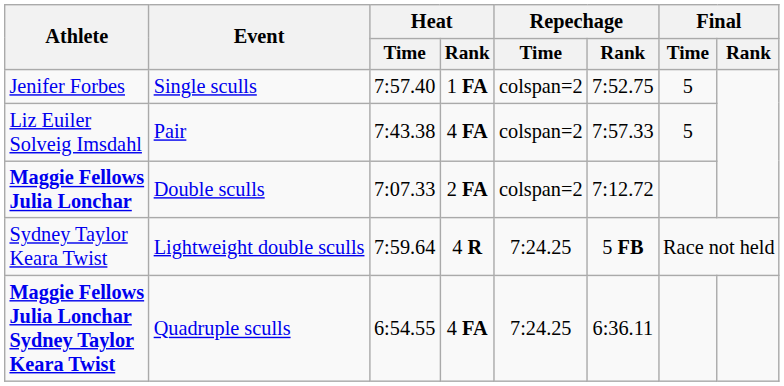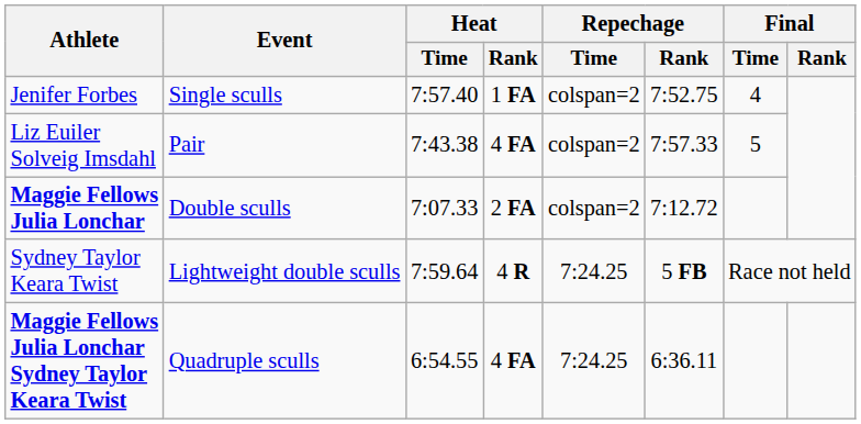 <table class=wikitable style=font-size:90%;text-align:center>
 <tr>
 <th rowspan=2>Athlete</th>
 <th rowspan=2>Event</th>
 <th colspan=2>Heat</th>
 <th colspan=2>Repechage</th>
 <th colspan=2>Final</th>
 </tr>
 <tr style=font-size:95%>
 <th>Time</th>
 <th>Rank</th>
 <th>Time</th>
 <th>Rank</th>
 <th>Time</th>
 <th>Rank</th>
 </tr>
 <tr>
 <td align=left><a href='#'>Jenifer Forbes</a></td>
 <td align=left><a href='#'>Single sculls</a></td>
 <td>7:57.40</td>
 <td>1 <strong>FA</strong></td>
 <td>colspan=2 </td>
 <td>7:52.75</td>
-<td>5</td>
+<td>4</td>
 </tr>
 <tr>
 <td align=left><a href='#'>Liz Euiler</a><br><a href='#'>Solveig Imsdahl</a></td>
 <td align=left><a href='#'>Pair</a></td>
 <td>7:43.38</td>
 <td>4 <strong>FA</strong></td>
 <td>colspan=2 </td>
 <td>7:57.33</td>
 <td>5</td>
 </tr>
 <tr>
 <td align=left><strong><a href='#'>Maggie Fellows</a><br><a href='#'>Julia Lonchar</a></strong></td>
 <td align=left><a href='#'>Double sculls</a></td>
 <td>7:07.33</td>
 <td>2 <strong>FA</strong></td>
 <td>colspan=2 </td>
 <td>7:12.72</td>
 <td></td>
 </tr>
 <tr>
 <td align=left><a href='#'>Sydney Taylor</a><br><a href='#'>Keara Twist</a></td>
 <td align=left><a href='#'>Lightweight double sculls</a></td>
 <td>7:59.64</td>
 <td>4 <strong>R</strong></td>
 <td>7:24.25</td>
 <td>5 <strong>FB</strong></td>
 <td colspan=2>Race not held</td>
 </tr>
 <tr>
 <td align=left><strong><a href='#'>Maggie Fellows</a><br><a href='#'>Julia Lonchar</a><br><a href='#'>Sydney Taylor</a><br><a href='#'>Keara Twist</a></strong></td>
 <td align=left><a href='#'>Quadruple sculls</a></td>
 <td>6:54.55</td>
 <td>4 <strong>FA</strong></td>
 <td>7:24.25</td>
 <td>6:36.11</td>
 <td></td>
 </tr>
 </table>
